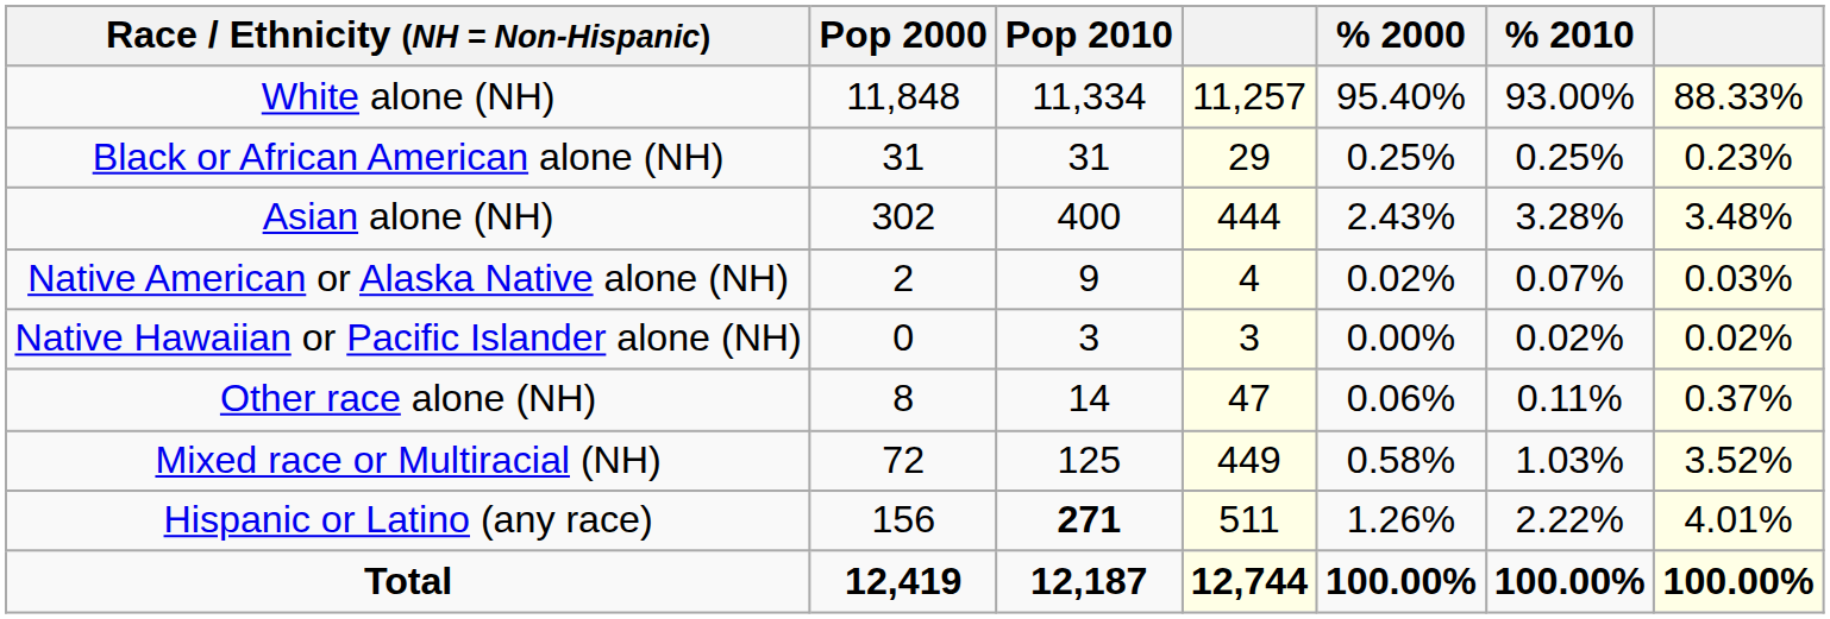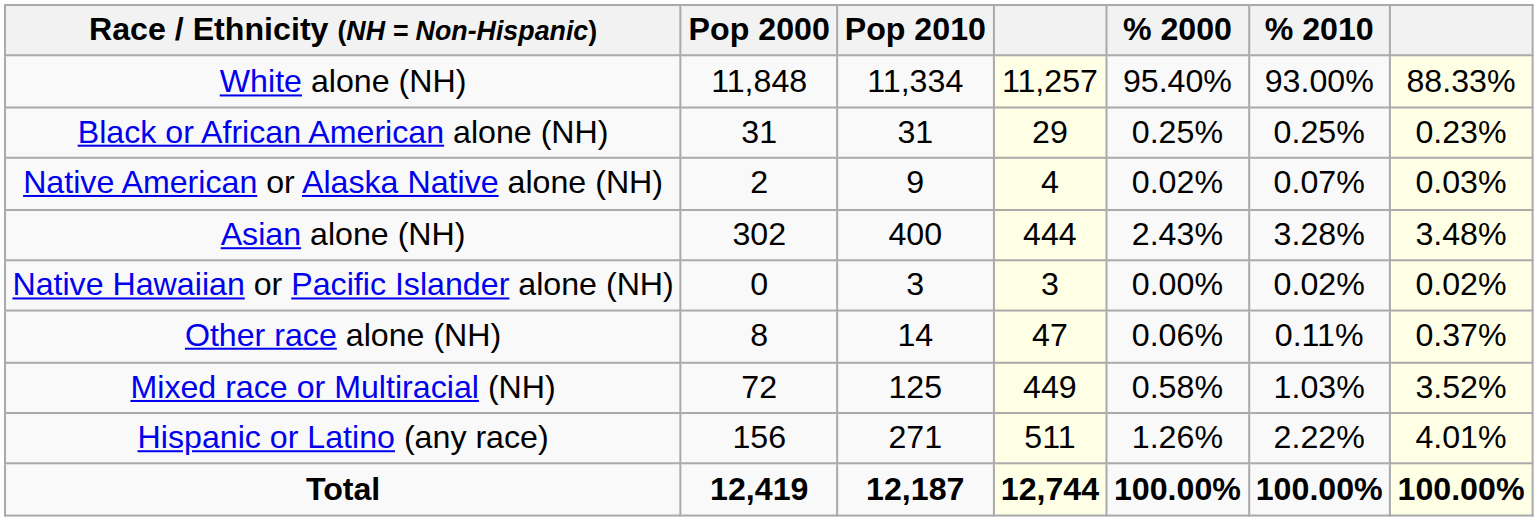 <table class="wikitable" style="text-align:center;">
 <tr>
 <th>Race / Ethnicity <small>(<em>NH = Non-Hispanic</em>)</small></th>
 <th>Pop 2000</th>
 <th>Pop 2010</th>
 <th></th>
 <th>% 2000</th>
 <th>% 2010</th>
 <th></th>
 </tr>
 <tr>
 <td><a href='#'>White</a> alone (NH)</td>
 <td>11,848</td>
 <td>11,334</td>
 <td style='background: #ffffe6;'>11,257</td>
 <td>95.40%</td>
 <td>93.00%</td>
 <td style='background: #ffffe6;'>88.33%</td>
 </tr>
 <tr>
 <td><a href='#'>Black or African American</a> alone (NH)</td>
 <td>31</td>
 <td>31</td>
 <td style='background: #ffffe6;'>29</td>
 <td>0.25%</td>
 <td>0.25%</td>
 <td style='background: #ffffe6;'>0.23%</td>
 </tr>
 <tr>
+<td><a href='#'>Native American</a> or <a href='#'>Alaska Native</a> alone (NH)</td>
+<td>2</td>
+<td>9</td>
+<td style='background: #ffffe6;'>4</td>
+<td>0.02%</td>
+<td>0.07%</td>
+<td style='background: #ffffe6;'>0.03%</td>
+</tr>
+<tr>
 <td><a href='#'>Asian</a> alone (NH)</td>
 <td>302</td>
 <td>400</td>
 <td style='background: #ffffe6;'>444</td>
 <td>2.43%</td>
 <td>3.28%</td>
 <td style='background: #ffffe6;'>3.48%</td>
-</tr>
-<tr>
-<td><a href='#'>Native American</a> or <a href='#'>Alaska Native</a> alone (NH)</td>
-<td>2</td>
-<td>9</td>
-<td style='background: #ffffe6;'>4</td>
-<td>0.02%</td>
-<td>0.07%</td>
-<td style='background: #ffffe6;'>0.03%</td>
 </tr>
 <tr>
 <td><a href='#'>Native Hawaiian</a> or <a href='#'>Pacific Islander</a> alone (NH)</td>
 <td>0</td>
 <td>3</td>
 <td style='background: #ffffe6;'>3</td>
 <td>0.00%</td>
 <td>0.02%</td>
 <td style='background: #ffffe6;'>0.02%</td>
 </tr>
 <tr>
 <td><a href='#'>Other race</a> alone (NH)</td>
 <td>8</td>
 <td>14</td>
 <td style='background: #ffffe6;'>47</td>
 <td>0.06%</td>
 <td>0.11%</td>
 <td style='background: #ffffe6;'>0.37%</td>
 </tr>
 <tr>
 <td><a href='#'>Mixed race or Multiracial</a> (NH)</td>
 <td>72</td>
 <td>125</td>
 <td style='background: #ffffe6;'>449</td>
 <td>0.58%</td>
 <td>1.03%</td>
 <td style='background: #ffffe6;'>3.52%</td>
 </tr>
 <tr>
 <td><a href='#'>Hispanic or Latino</a> (any race)</td>
 <td>156</td>
-<td><strong>271</strong></td>
+<td>271</td>
 <td style='background: #ffffe6;'>511</td>
 <td>1.26%</td>
 <td>2.22%</td>
 <td style='background: #ffffe6;'>4.01%</td>
 </tr>
 <tr>
 <td><strong>Total</strong></td>
 <td><strong>12,419</strong></td>
 <td><strong>12,187</strong></td>
 <td style='background: #ffffe6;'><strong>12,744</strong></td>
 <td><strong>100.00%</strong></td>
 <td><strong>100.00%</strong></td>
 <td style='background: #ffffe6;'><strong>100.00%</strong></td>
 </tr>
 </table>
